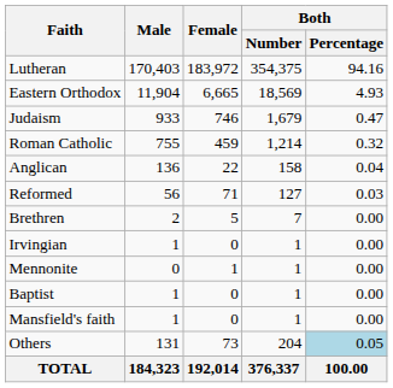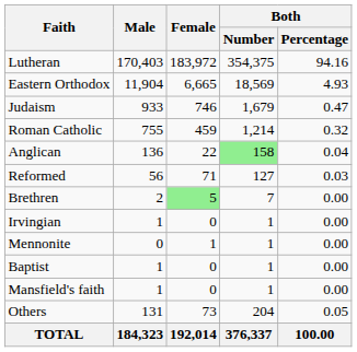 <table class="wikitable sortable">
 <tr>
 <th rowspan=2>Faith</th>
 <th rowspan=2>Male</th>
 <th rowspan=2>Female</th>
 <th colspan=2>Both</th>
 </tr>
 <tr>
 <th>Number</th>
 <th>Percentage</th>
 </tr>
 <tr>
 <td>Lutheran</td>
 <td align="right">170,403</td>
 <td align="right">183,972</td>
 <td align="right">354,375</td>
 <td align="right">94.16</td>
 </tr>
 <tr>
 <td>Eastern Orthodox</td>
 <td align="right">11,904</td>
 <td align="right">6,665</td>
 <td align="right">18,569</td>
 <td align="right">4.93</td>
 </tr>
 <tr>
 <td>Judaism</td>
 <td align="right">933</td>
 <td align="right">746</td>
 <td align="right">1,679</td>
 <td align="right">0.47</td>
 </tr>
 <tr>
 <td>Roman Catholic</td>
 <td align="right">755</td>
 <td align="right">459</td>
 <td align="right">1,214</td>
 <td align="right">0.32</td>
 </tr>
 <tr>
 <td>Anglican</td>
 <td align="right">136</td>
 <td align="right">22</td>
-<td align="right">158</td>
+<td align="right" style="background: lightgreen;">158</td>
 <td align="right">0.04</td>
 </tr>
 <tr>
 <td>Reformed</td>
 <td align="right">56</td>
 <td align="right">71</td>
 <td align="right">127</td>
 <td align="right">0.03</td>
 </tr>
 <tr>
 <td>Brethren</td>
 <td align="right">2</td>
-<td align="right">5</td>
+<td align="right" style="background: lightgreen;">5</td>
 <td align="right">7</td>
 <td align="right">0.00</td>
 </tr>
 <tr>
 <td>Irvingian</td>
 <td align="right">1</td>
 <td align="right">0</td>
 <td align="right">1</td>
 <td align="right">0.00</td>
 </tr>
 <tr>
 <td>Mennonite</td>
 <td align="right">0</td>
 <td align="right">1</td>
 <td align="right">1</td>
 <td align="right">0.00</td>
 </tr>
 <tr>
 <td>Baptist</td>
 <td align="right">1</td>
 <td align="right">0</td>
 <td align="right">1</td>
 <td align="right">0.00</td>
 </tr>
 <tr>
 <td>Mansfield's faith</td>
 <td align="right">1</td>
 <td align="right">0</td>
 <td align="right">1</td>
 <td align="right">0.00</td>
 </tr>
 <tr>
 <td>Others</td>
 <td align="right">131</td>
 <td align="right">73</td>
 <td align="right">204</td>
-<td align="right" style="background: lightblue;">0.05</td>
+<td align="right">0.05</td>
 </tr>
 <tr>
 <th>TOTAL</th>
 <th>184,323</th>
 <th>192,014</th>
 <th>376,337</th>
 <th>100.00</th>
 </tr>
 </table>
